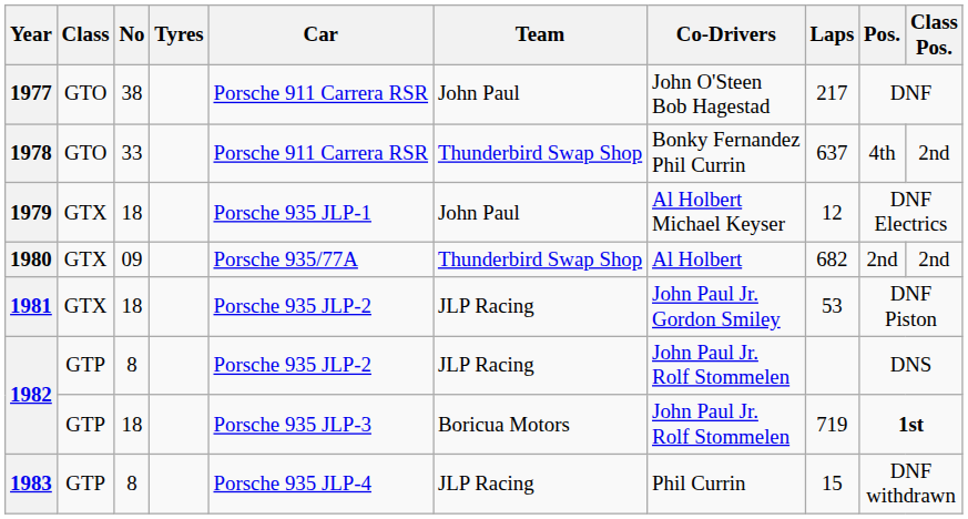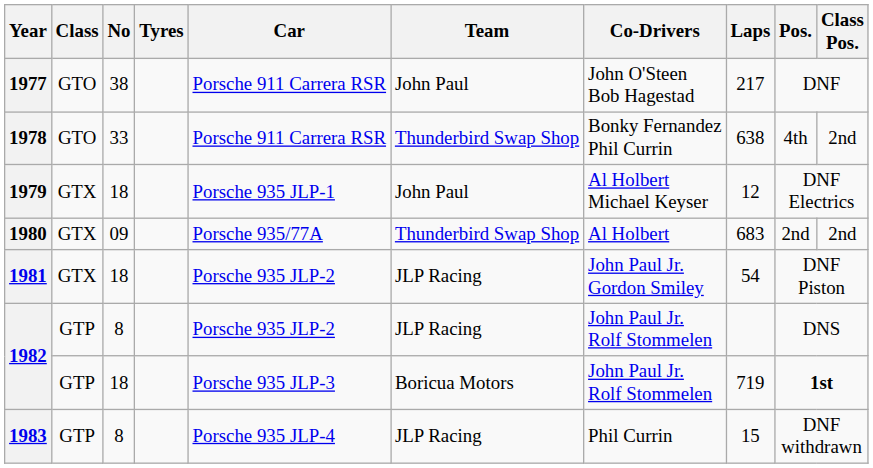 <table class="wikitable" style="text-align:center; font-size:90%">
 <tr>
 <th>Year</th>
 <th>Class</th>
 <th>No</th>
 <th>Tyres</th>
 <th>Car</th>
 <th>Team</th>
 <th>Co-Drivers</th>
 <th>Laps</th>
 <th>Pos.</th>
 <th>Class<br>Pos.</th>
 </tr>
 <tr>
 <th>1977</th>
 <td>GTO</td>
 <td>38</td>
 <td></td>
 <td style="text-align:left;"><a href='#'>Porsche 911 Carrera RSR</a></td>
 <td align="left"> John Paul</td>
 <td align="left"> John O'Steen<br> Bob Hagestad</td>
 <td>217</td>
 <td colspan=2>DNF</td>
 </tr>
 <tr>
 <th>1978</th>
 <td>GTO</td>
 <td>33</td>
 <td></td>
 <td style="text-align:left;"><a href='#'>Porsche 911 Carrera RSR</a></td>
 <td align="left"> <a href='#'>Thunderbird Swap Shop</a></td>
 <td align="left"> Bonky Fernandez<br> Phil Currin</td>
-<td>637</td>
+<td>638</td>
 <td>4th</td>
 <td>2nd</td>
 </tr>
 <tr>
 <th>1979</th>
 <td>GTX</td>
 <td>18</td>
 <td></td>
 <td style="text-align:left;"><a href='#'>Porsche 935 JLP-1</a></td>
 <td align="left"> John Paul</td>
 <td align="left"> <a href='#'>Al Holbert</a><br> Michael Keyser</td>
 <td>12</td>
 <td colspan=2>DNF<br>Electrics</td>
 </tr>
 <tr>
 <th>1980</th>
 <td>GTX</td>
 <td>09</td>
 <td></td>
 <td style="text-align:left;"><a href='#'>Porsche 935/77A</a></td>
 <td align="left"> <a href='#'>Thunderbird Swap Shop</a></td>
 <td align="left"> <a href='#'>Al Holbert</a></td>
-<td>682</td>
+<td>683</td>
 <td>2nd</td>
 <td>2nd</td>
 </tr>
 <tr>
 <th><a href='#'>1981</a></th>
 <td>GTX</td>
 <td>18</td>
 <td></td>
 <td style="text-align:left;"><a href='#'>Porsche 935 JLP-2</a></td>
 <td align="left"> JLP Racing</td>
 <td align="left"> <a href='#'>John Paul Jr.</a><br> <a href='#'>Gordon Smiley</a></td>
-<td>53</td>
+<td>54</td>
 <td colspan=2>DNF <br>Piston</td>
 </tr>
 <tr>
 <th rowspan=2><a href='#'>1982</a></th>
 <td>GTP</td>
 <td>8</td>
 <td></td>
 <td style="text-align:left;"><a href='#'>Porsche 935 JLP-2</a></td>
 <td align="left"> JLP Racing</td>
 <td align="left"> <a href='#'>John Paul Jr.</a><br> <a href='#'>Rolf Stommelen</a></td>
 <td></td>
 <td colspan=2>DNS</td>
 </tr>
 <tr>
 <td>GTP</td>
 <td>18</td>
 <td></td>
 <td style="text-align:left;"><a href='#'>Porsche 935 JLP-3</a></td>
 <td align="left"> Boricua Motors</td>
 <td align="left"> <a href='#'>John Paul Jr.</a><br> <a href='#'>Rolf Stommelen</a></td>
 <td>719</td>
 <td colspan=2><strong>1st</strong></td>
 </tr>
 <tr>
 <th><a href='#'>1983</a></th>
 <td>GTP</td>
 <td>8</td>
 <td></td>
 <td style="text-align:left;"><a href='#'>Porsche 935 JLP-4</a></td>
 <td align="left"> JLP Racing</td>
 <td align="left"> Phil Currin</td>
 <td>15</td>
 <td colspan=2>DNF<br>withdrawn</td>
 </tr>
 </table>
